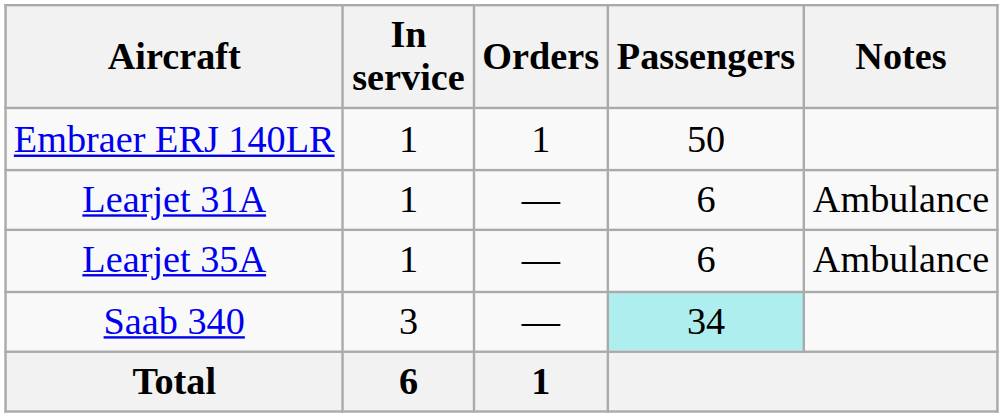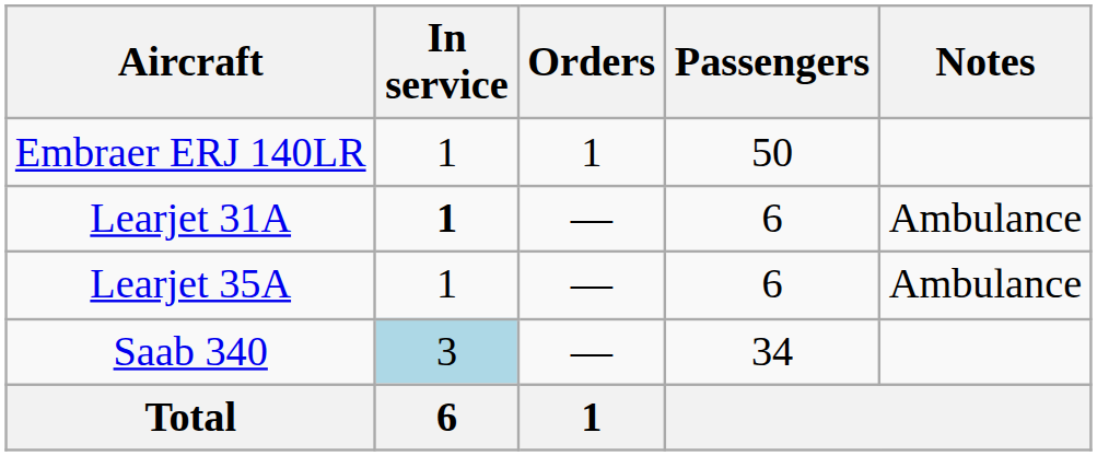 <table class="wikitable" style="margin:0.5em auto; text-align:center">
 <tr>
 <th>Aircraft</th>
 <th>In <br> service</th>
 <th>Orders</th>
 <th>Passengers</th>
 <th>Notes</th>
 </tr>
 <tr>
 <td><a href='#'>Embraer ERJ 140LR</a></td>
 <td>1</td>
 <td>1</td>
 <td>50</td>
 <td></td>
 </tr>
 <tr>
 <td><a href='#'>Learjet 31A</a></td>
-<td>1</td>
+<td><strong>1</strong></td>
 <td>—</td>
 <td>6</td>
 <td>Ambulance</td>
 </tr>
 <tr>
 <td><a href='#'>Learjet 35A</a></td>
 <td>1</td>
 <td>—</td>
 <td>6</td>
 <td>Ambulance</td>
 </tr>
 <tr>
 <td><a href='#'>Saab 340</a></td>
-<td>3</td>
+<td style="background: lightblue;">3</td>
 <td>—</td>
-<td style="background: paleturquoise;">34</td>
+<td>34</td>
 <td></td>
 </tr>
 <tr>
 <th>Total</th>
 <th>6</th>
 <th>1</th>
 <th colspan=2></th>
 </tr>
 </table>
